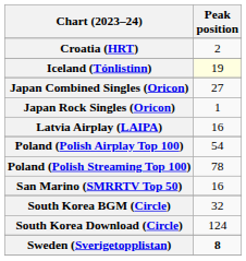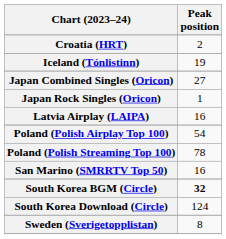 <table class="wikitable sortable plainrowheaders" style="text-align:center">
 <tr>
 <th scope="col">Chart (2023–24)</th>
 <th scope="col">Peak<br>position</th>
 </tr>
 <tr>
 </tr>
 <tr>
 </tr>
 <tr>
 </tr>
 <tr>
 </tr>
 <tr>
 </tr>
 <tr>
 <th scope="row">Croatia (<a href='#'>HRT</a>)</th>
 <td>2</td>
 </tr>
 <tr>
 </tr>
 <tr>
 </tr>
 <tr>
 </tr>
 <tr>
 </tr>
 <tr>
 </tr>
 <tr>
 </tr>
 <tr>
 <th scope="row">Iceland (<a href='#'>Tónlistinn</a>)</th>
-<td style="background: lightyellow;">19</td>
+<td>19</td>
 </tr>
 <tr>
 </tr>
 <tr>
 </tr>
 <tr>
 </tr>
 <tr>
 </tr>
 <tr>
 <th scope="row">Japan Combined Singles (<a href='#'>Oricon</a>)</th>
 <td>27</td>
 </tr>
 <tr>
 <th scope="row">Japan Rock Singles (<a href='#'>Oricon</a>)</th>
 <td>1</td>
 </tr>
 <tr>
 <th scope="row">Latvia Airplay (<a href='#'>LAIPA</a>)</th>
 <td>16</td>
 </tr>
 <tr>
 </tr>
 <tr>
 </tr>
 <tr>
 </tr>
 <tr>
 </tr>
 <tr>
 <th scope="row">Poland (<a href='#'>Polish Airplay Top 100</a>)</th>
 <td>54</td>
 </tr>
 <tr>
 <th scope="row">Poland (<a href='#'>Polish Streaming Top 100</a>)</th>
 <td>78</td>
 </tr>
 <tr>
 <th scope="row">San Marino (<a href='#'>SMRRTV Top 50</a>)</th>
 <td>16</td>
 </tr>
 <tr>
 </tr>
 <tr>
 </tr>
 <tr>
 <th scope="row">South Korea BGM (<a href='#'>Circle</a>)</th>
-<td>32</td>
+<td><strong>32</strong></td>
 </tr>
 <tr>
 <th scope="row">South Korea Download (<a href='#'>Circle</a>)</th>
 <td>124</td>
 </tr>
 <tr>
 </tr>
 <tr>
 <th scope="row">Sweden (<a href='#'>Sverigetopplistan</a>)</th>
-<td><strong>8</strong></td>
+<td>8</td>
 </tr>
 <tr>
 </tr>
 <tr>
 </tr>
 <tr>
 </tr>
 <tr>
 </tr>
 <tr>
 </tr>
 </table>
